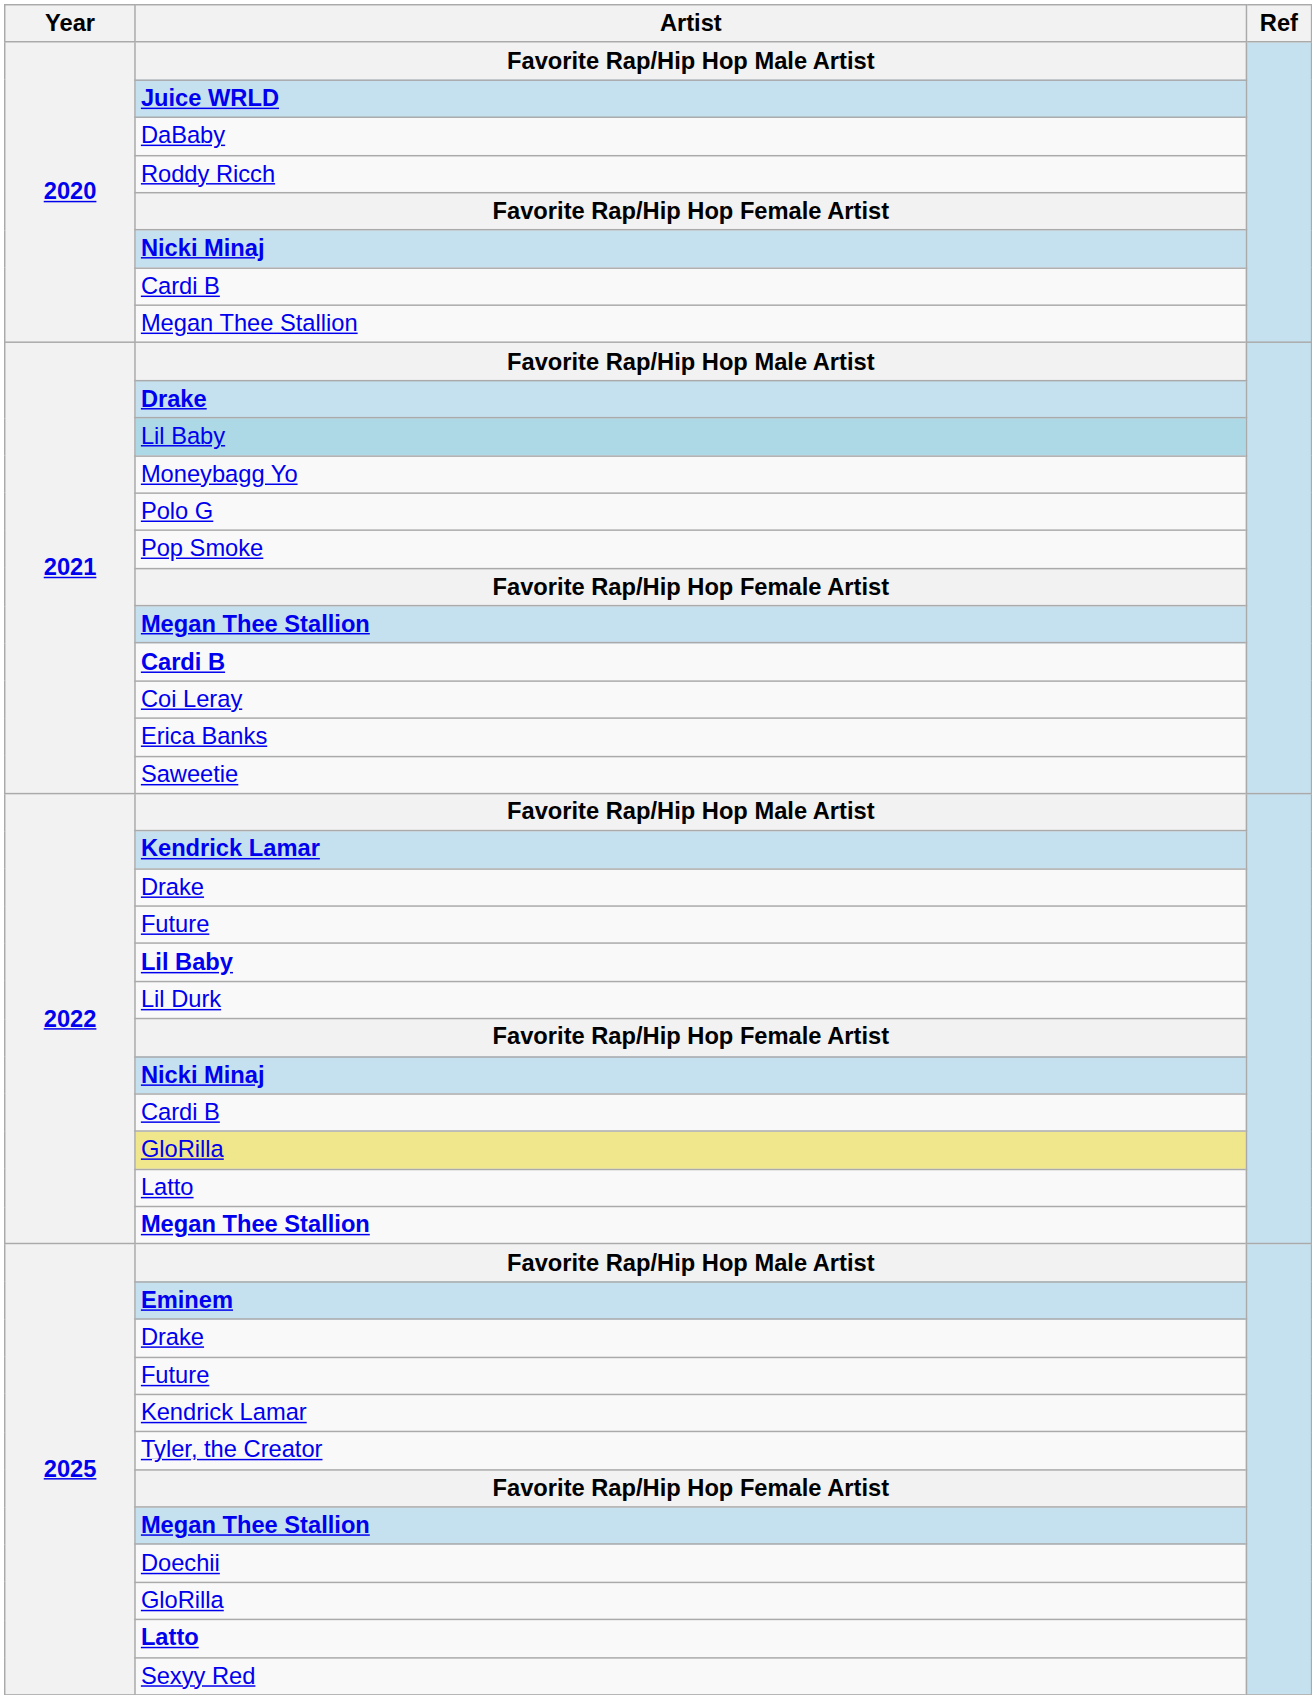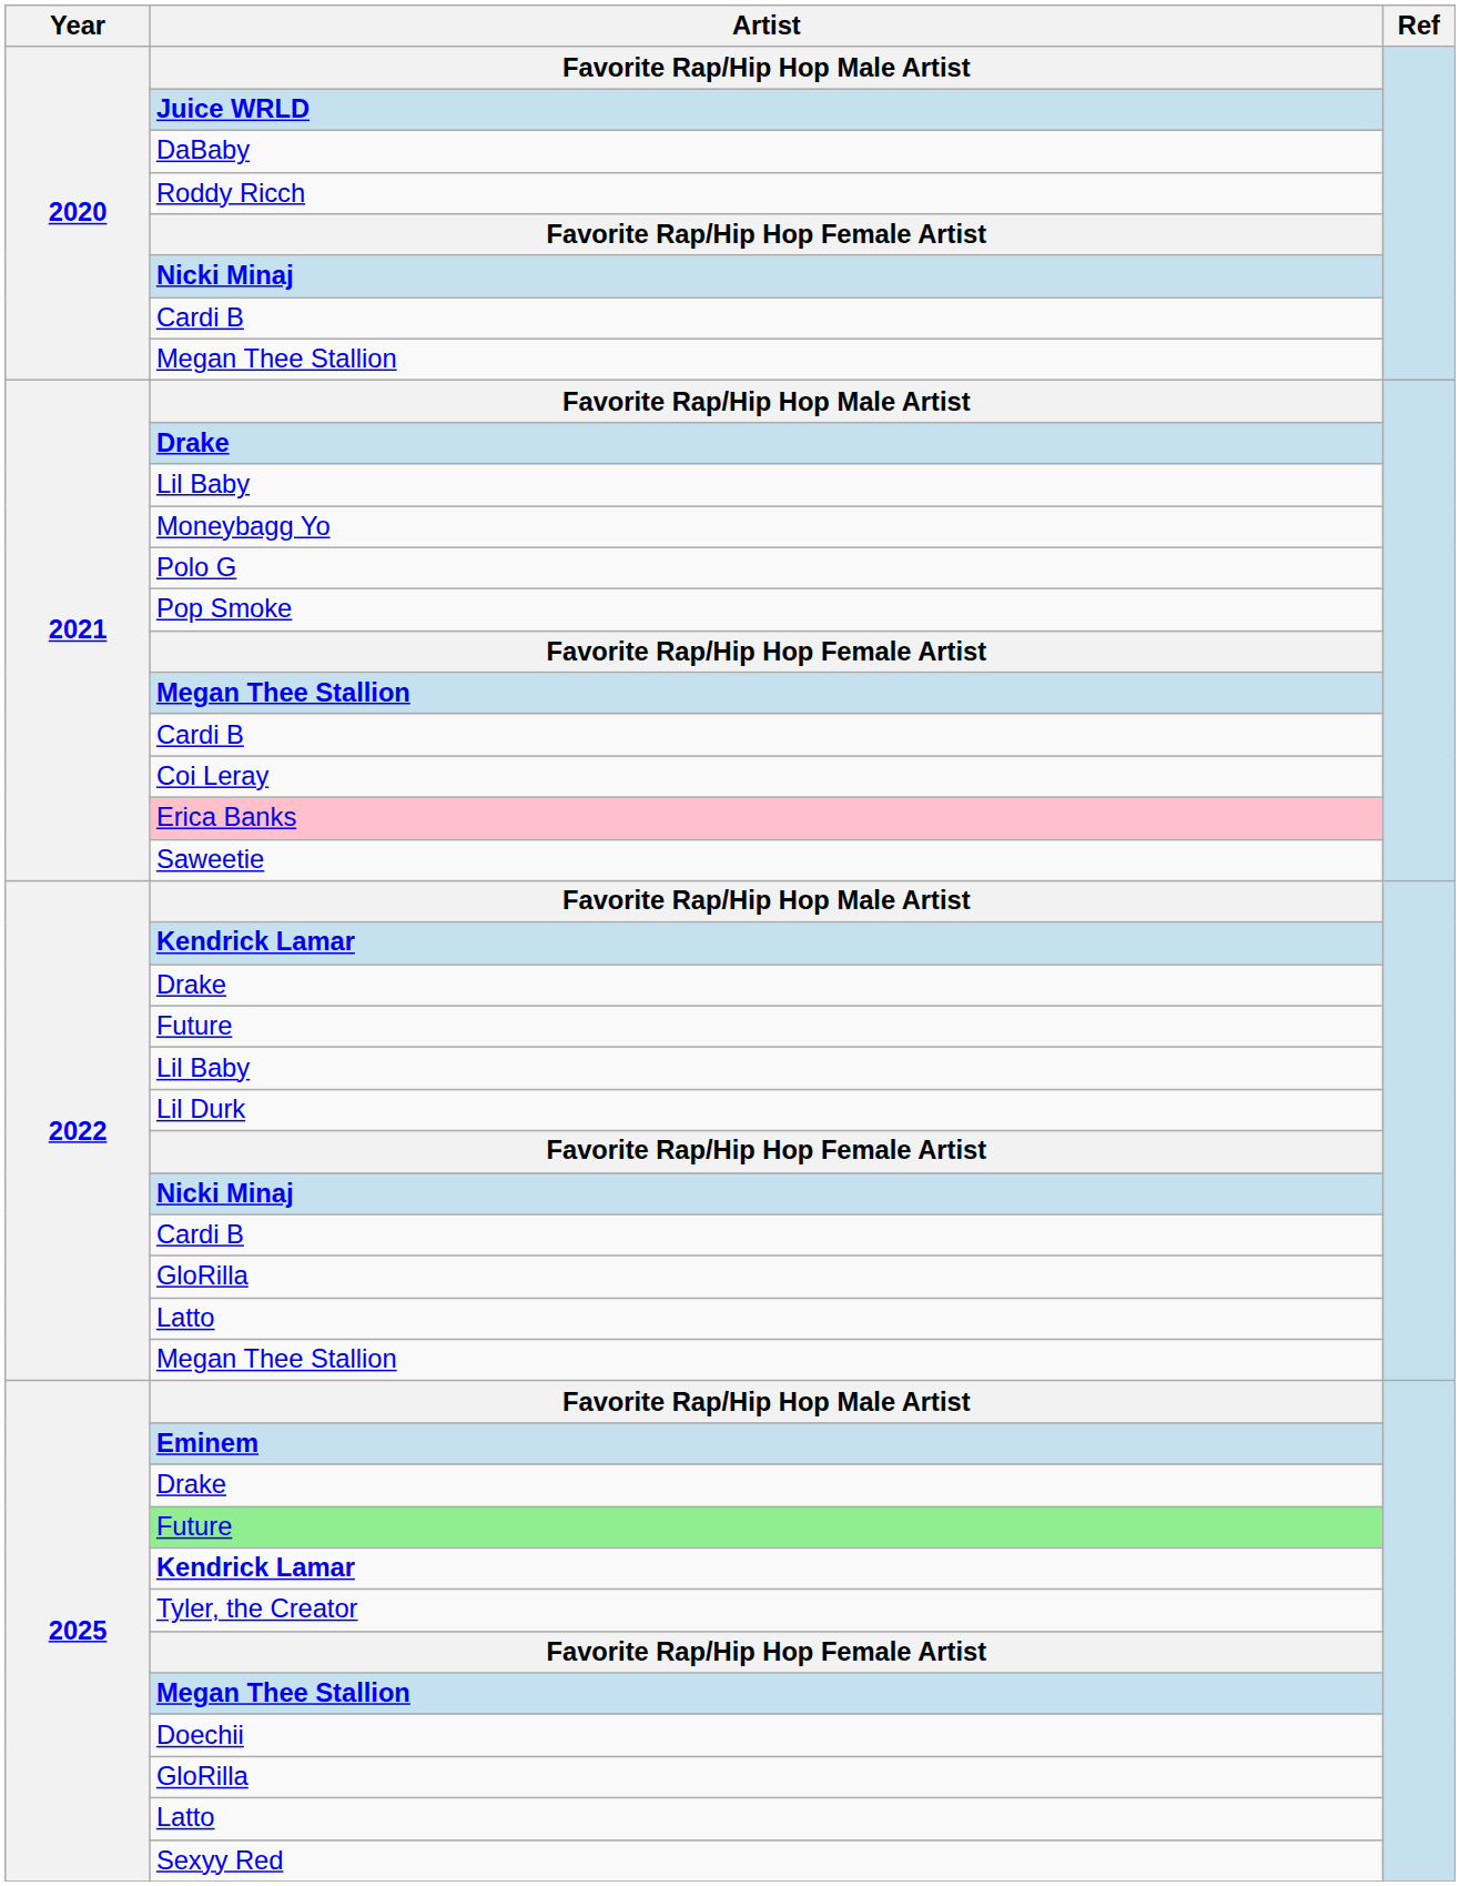 <table class="wikitable" width="100%">
 <tr>
 <th width="10%">Year</th>
 <th width="85%">Artist</th>
 <th width="5%">Ref</th>
 </tr>
 <tr>
 <th rowspan="8" align="center"><a href='#'>2020<br></a></th>
 <th>Favorite Rap/Hip Hop Male Artist</th>
 <td rowspan="8" style="background:#c5e1f0" align="center"></td>
 </tr>
 <tr style="background:#c5e1f0">
 <td><strong><a href='#'>Juice WRLD</a></strong></td>
 </tr>
 <tr>
 <td><a href='#'>DaBaby</a></td>
 </tr>
 <tr>
 <td><a href='#'>Roddy Ricch</a></td>
 </tr>
 <tr>
 <th>Favorite Rap/Hip Hop Female Artist</th>
 </tr>
 <tr style="background:#c5e1f0">
 <td><strong><a href='#'>Nicki Minaj</a></strong></td>
 </tr>
 <tr>
 <td><a href='#'>Cardi B</a></td>
 </tr>
 <tr>
 <td><a href='#'>Megan Thee Stallion</a></td>
 </tr>
 <tr>
 <th rowspan="12" align="center"><a href='#'>2021<br></a></th>
 <th>Favorite Rap/Hip Hop Male Artist</th>
 <td rowspan="12" style="background:#c5e1f0" align="center"></td>
 </tr>
 <tr style="background:#c5e1f0">
 <td><strong><a href='#'>Drake</a></strong></td>
 </tr>
 <tr>
-<td style="background: lightblue;"><a href='#'>Lil Baby</a></td>
+<td><a href='#'>Lil Baby</a></td>
 </tr>
 <tr>
 <td><a href='#'>Moneybagg Yo</a></td>
 </tr>
 <tr>
 <td><a href='#'>Polo G</a></td>
 </tr>
 <tr>
 <td><a href='#'>Pop Smoke</a></td>
 </tr>
 <tr>
 <th>Favorite Rap/Hip Hop Female Artist</th>
 </tr>
 <tr style="background:#c5e1f0">
 <td><strong><a href='#'>Megan Thee Stallion</a></strong></td>
 </tr>
 <tr>
-<td><strong><a href='#'>Cardi B</a></strong></td>
+<td><a href='#'>Cardi B</a></td>
 </tr>
 <tr>
 <td><a href='#'>Coi Leray</a></td>
 </tr>
 <tr>
-<td><a href='#'>Erica Banks</a></td>
+<td style="background: pink;"><a href='#'>Erica Banks</a></td>
 </tr>
 <tr>
 <td><a href='#'>Saweetie</a></td>
 </tr>
 <tr>
 <th rowspan="12" align="center"><a href='#'>2022<br></a></th>
 <th>Favorite Rap/Hip Hop Male Artist</th>
 <td rowspan="12" style="background:#c5e1f0" align="center"></td>
 </tr>
 <tr style="background:#c5e1f0">
 <td><strong><a href='#'>Kendrick Lamar</a></strong></td>
 </tr>
 <tr>
 <td><a href='#'>Drake</a></td>
 </tr>
 <tr>
 <td><a href='#'>Future</a></td>
 </tr>
 <tr>
-<td><strong><a href='#'>Lil Baby</a></strong></td>
+<td><a href='#'>Lil Baby</a></td>
 </tr>
 <tr>
 <td><a href='#'>Lil Durk</a></td>
 </tr>
 <tr>
 <th>Favorite Rap/Hip Hop Female Artist</th>
 </tr>
 <tr style="background:#c5e1f0">
 <td><strong><a href='#'>Nicki Minaj</a></strong></td>
 </tr>
 <tr>
 <td><a href='#'>Cardi B</a></td>
 </tr>
 <tr>
-<td style="background: khaki;"><a href='#'>GloRilla</a></td>
+<td><a href='#'>GloRilla</a></td>
 </tr>
 <tr>
 <td><a href='#'>Latto</a></td>
 </tr>
 <tr>
-<td><strong><a href='#'>Megan Thee Stallion</a></strong></td>
+<td><a href='#'>Megan Thee Stallion</a></td>
 </tr>
 <tr>
 <th rowspan="12" align="center"><a href='#'>2025<br></a></th>
 <th>Favorite Rap/Hip Hop Male Artist</th>
 <td rowspan="12" style="background:#c5e1f0" align="center"></td>
 </tr>
 <tr style="background:#c5e1f0">
 <td><strong><a href='#'>Eminem</a></strong></td>
 </tr>
 <tr>
 <td><a href='#'>Drake</a></td>
 </tr>
 <tr>
-<td><a href='#'>Future</a></td>
+<td style="background: lightgreen;"><a href='#'>Future</a></td>
 </tr>
 <tr>
-<td><a href='#'>Kendrick Lamar</a></td>
+<td><strong><a href='#'>Kendrick Lamar</a></strong></td>
 </tr>
 <tr>
 <td><a href='#'>Tyler, the Creator</a></td>
 </tr>
 <tr>
 <th>Favorite Rap/Hip Hop Female Artist</th>
 </tr>
 <tr style="background:#c5e1f0">
 <td><strong><a href='#'>Megan Thee Stallion</a></strong></td>
 </tr>
 <tr>
 <td><a href='#'>Doechii</a></td>
 </tr>
 <tr>
 <td><a href='#'>GloRilla</a></td>
 </tr>
 <tr>
-<td><strong><a href='#'>Latto</a></strong></td>
+<td><a href='#'>Latto</a></td>
 </tr>
 <tr>
 <td><a href='#'>Sexyy Red</a></td>
 </tr>
 </table>
